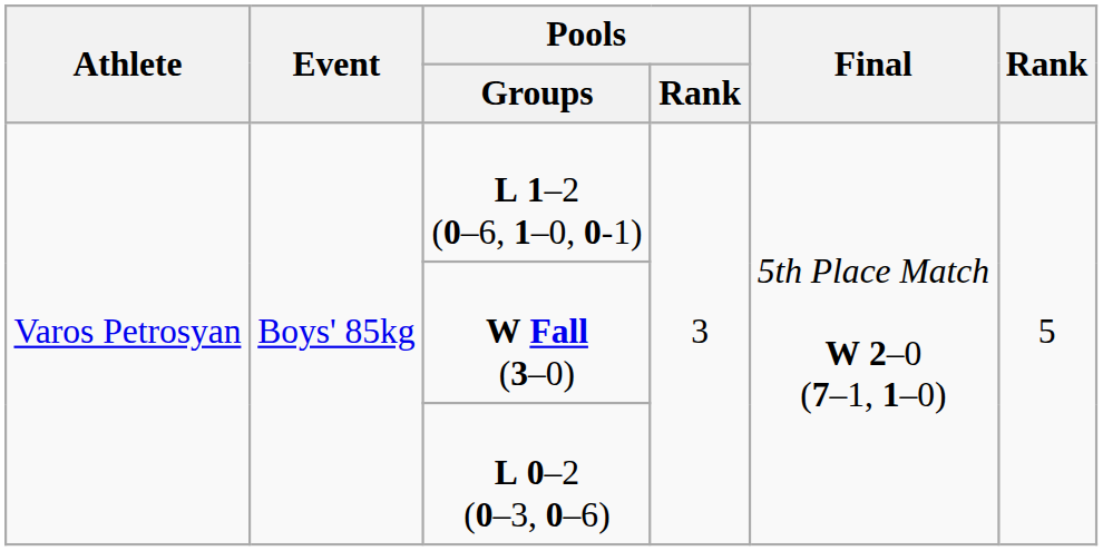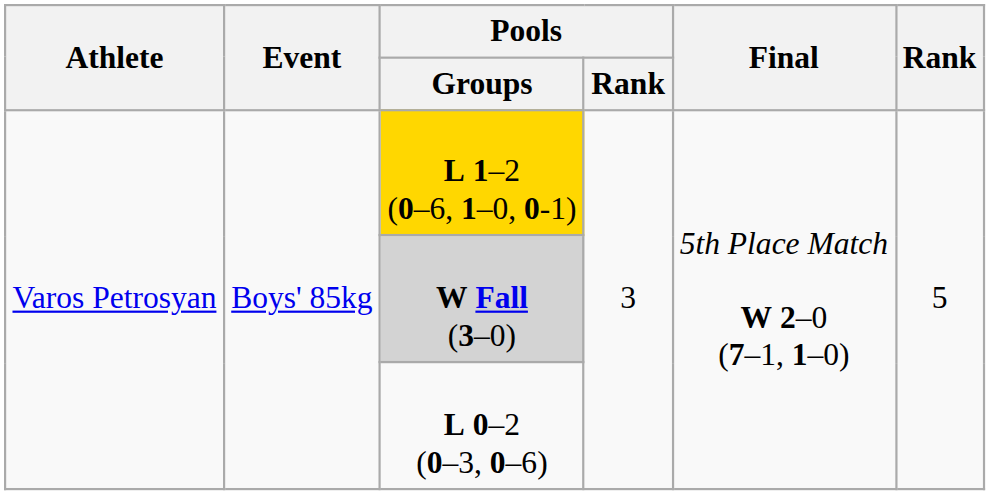 <table class="wikitable" style="text-align:left; font-size:90%">
 <tr>
 <th rowspan="2">Athlete</th>
 <th rowspan="2">Event</th>
 <th colspan="2">Pools</th>
 <th rowspan="2">Final</th>
 <th rowspan="2">Rank</th>
 </tr>
 <tr>
 <th>Groups</th>
 <th>Rank</th>
 </tr>
 <tr>
 <td rowspan="3"><a href='#'>Varos Petrosyan</a></td>
 <td rowspan="3"><a href='#'>Boys' 85kg</a></td>
-<td align=center><br><strong>L</strong> <strong>1</strong>–2<br>(<strong>0</strong>–6, <strong>1</strong>–0, <strong>0</strong>-1)</td>
+<td align=center style="background: gold;"><br><strong>L</strong> <strong>1</strong>–2<br>(<strong>0</strong>–6, <strong>1</strong>–0, <strong>0</strong>-1)</td>
 <td rowspan="3" align=center>3</td>
 <td align=center rowspan=3><em>5th Place Match</em><br><br><strong>W</strong> <strong>2</strong>–0<br>(<strong>7</strong>–1, <strong>1</strong>–0)</td>
 <td rowspan="3" align="center">5</td>
 </tr>
 <tr>
-<td align=center><br><strong>W</strong> <strong><a href='#'>Fall</a></strong><br>(<strong>3</strong>–0)</td>
+<td align=center style="background: lightgrey;"><br><strong>W</strong> <strong><a href='#'>Fall</a></strong><br>(<strong>3</strong>–0)</td>
 </tr>
 <tr>
 <td align=center><br><strong>L</strong> <strong>0</strong>–2<br>(<strong>0</strong>–3, <strong>0</strong>–6)</td>
 </tr>
 </table>
